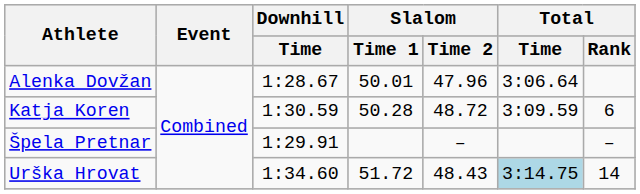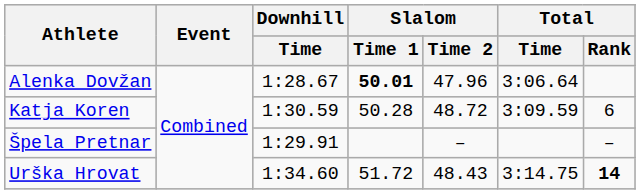 <table class="wikitable" style="font-size:90%">
 <tr>
 <th rowspan="2">Athlete</th>
 <th rowspan="2">Event</th>
 <th>Downhill</th>
 <th colspan="2">Slalom</th>
 <th colspan="2">Total</th>
 </tr>
 <tr>
 <th>Time</th>
 <th>Time 1</th>
 <th>Time 2</th>
 <th>Time</th>
 <th>Rank</th>
 </tr>
 <tr>
 <td><a href='#'>Alenka Dovžan</a></td>
 <td rowspan="4"><a href='#'>Combined</a></td>
 <td align="center">1:28.67</td>
-<td align="center">50.01</td>
+<td align="center"><strong>50.01</strong></td>
 <td align="center">47.96</td>
 <td align="center">3:06.64</td>
 <td align="center"></td>
 </tr>
 <tr>
 <td><a href='#'>Katja Koren</a></td>
 <td align="center">1:30.59</td>
 <td align="center">50.28</td>
 <td align="center">48.72</td>
 <td align="center">3:09.59</td>
 <td align="center">6</td>
 </tr>
 <tr>
 <td><a href='#'>Špela Pretnar</a></td>
 <td align="center">1:29.91</td>
 <td align="center"></td>
 <td align="center">–</td>
 <td align="center"></td>
 <td align="center">–</td>
 </tr>
 <tr>
 <td><a href='#'>Urška Hrovat</a></td>
 <td align="center">1:34.60</td>
 <td align="center">51.72</td>
 <td align="center">48.43</td>
-<td align="center" style="background: lightblue;">3:14.75</td>
-<td align="center">14</td>
+<td align="center">3:14.75</td>
+<td align="center"><strong>14</strong></td>
 </tr>
 </table>
